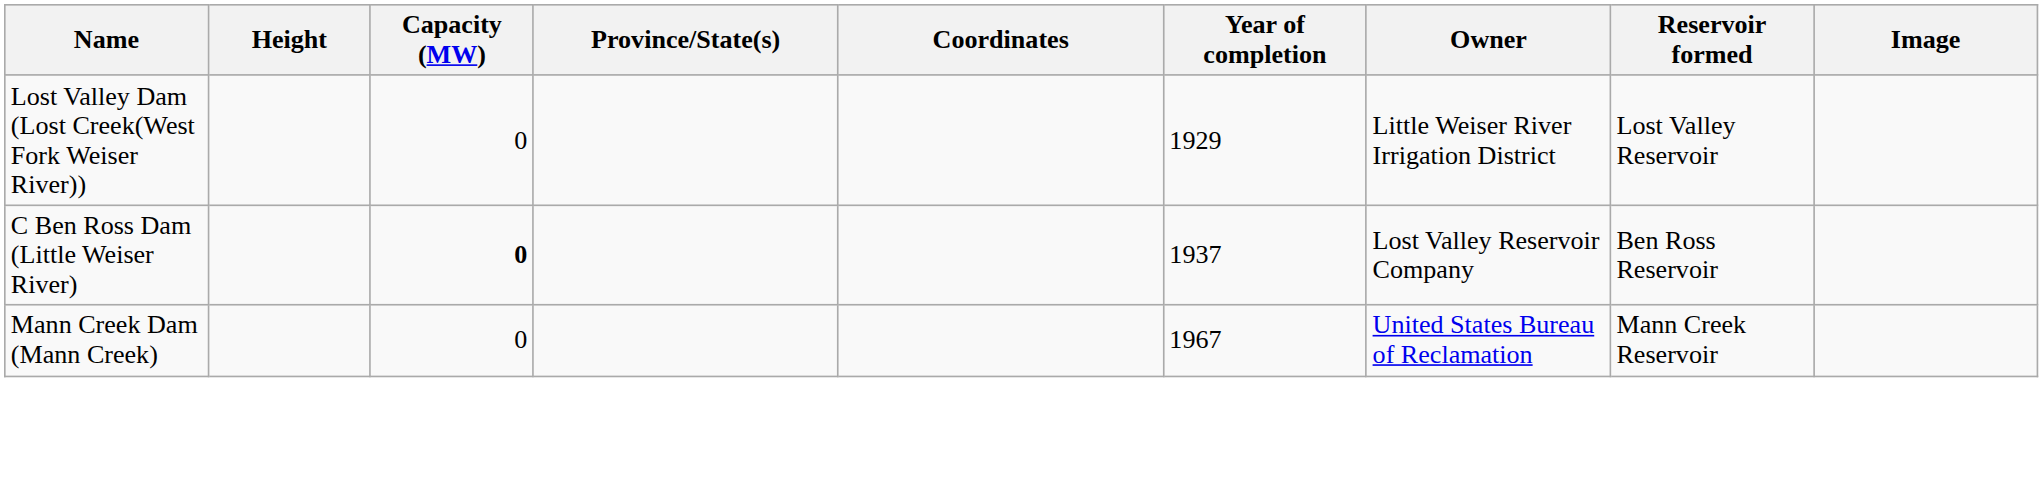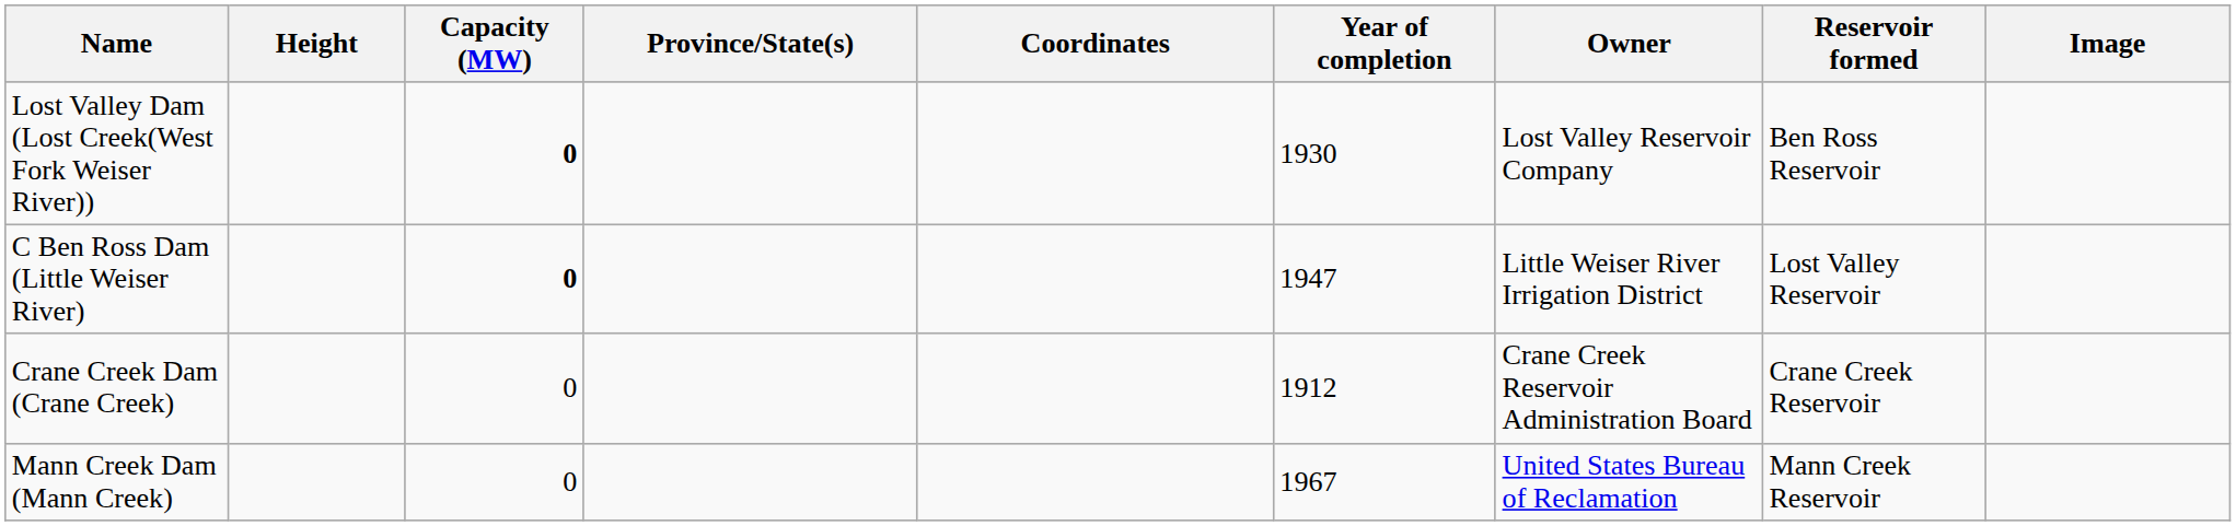 <table class="wikitable sortable" border="1">
 <tr>
 <th width="10%">Name</th>
 <th width="8%">Height</th>
 <th width="8%">Capacity (<a href='#'>MW</a>)</th>
 <th width="15%">Province/State(s)</th>
 <th width="16%">Coordinates</th>
 <th width="10%">Year of completion</th>
 <th width="12%">Owner</th>
 <th width="10%">Reservoir formed</th>
 <th>Image</th>
 </tr>
 <tr>
 <td>Lost Valley Dam (Lost Creek(West Fork Weiser River))</td>
 <td></td>
-<td align="right">0</td>
+<td align="right"><strong>0</strong></td>
 <td></td>
 <td></td>
-<td>1929</td>
-<td>Little Weiser River Irrigation District</td>
-<td>Lost Valley Reservoir</td>
+<td>1930</td>
+<td>Lost Valley Reservoir Company</td>
+<td>Ben Ross Reservoir</td>
 <td></td>
 </tr>
 <tr>
 <td>C Ben Ross Dam (Little Weiser River)</td>
 <td></td>
 <td align="right"><strong>0</strong></td>
 <td></td>
 <td></td>
-<td>1937</td>
-<td>Lost Valley Reservoir Company</td>
-<td>Ben Ross Reservoir</td>
+<td>1947</td>
+<td>Little Weiser River Irrigation District</td>
+<td>Lost Valley Reservoir</td>
+<td></td>
+</tr>
+<tr>
+<td>Crane Creek Dam (Crane Creek)</td>
+<td></td>
+<td align="right">0</td>
+<td></td>
+<td></td>
+<td>1912</td>
+<td>Crane Creek Reservoir Administration Board</td>
+<td>Crane Creek Reservoir</td>
 <td></td>
 </tr>
 <tr>
 <td>Mann Creek Dam (Mann Creek)</td>
 <td></td>
 <td align="right">0</td>
 <td></td>
 <td></td>
 <td>1967</td>
 <td><a href='#'>United States Bureau of Reclamation</a></td>
 <td>Mann Creek Reservoir</td>
 <td><br></td>
 </tr>
 </table>
